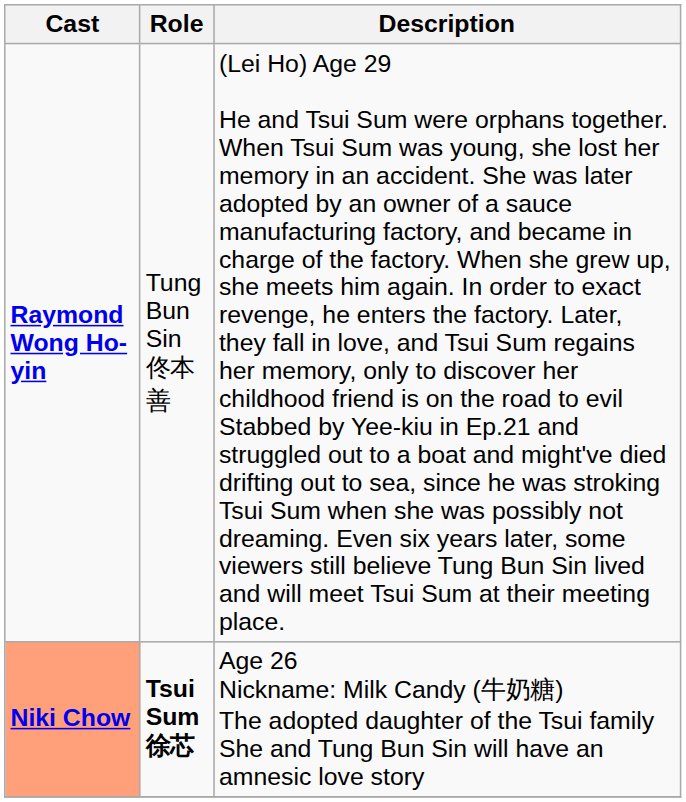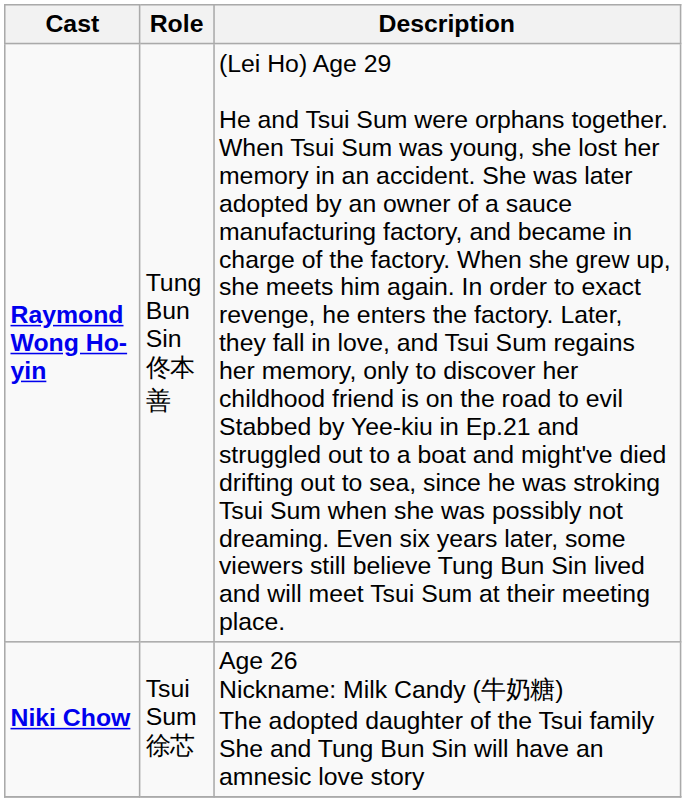 <table class="wikitable" width="70%">
 <tr>
 <th>Cast</th>
 <th>Role</th>
 <th>Description</th>
 </tr>
 <tr>
 <td><strong><a href='#'>Raymond Wong Ho-yin</a></strong></td>
 <td>Tung Bun Sin <br> 佟本善</td>
 <td>(Lei Ho) Age 29<br> <br> He and Tsui Sum were orphans together. When Tsui Sum was young, she lost her memory in an accident. She was later adopted by an owner of a sauce manufacturing factory, and became in charge of the factory. When she grew up, she meets him again. In order to exact revenge, he enters the factory. Later, they fall in love, and Tsui Sum regains her memory, only to discover her childhood friend is on the road to evil<br>Stabbed by Yee-kiu in Ep.21 and struggled out to a boat and might've died drifting out to sea, since he was stroking Tsui Sum when she was possibly not dreaming. Even six years later, some viewers still believe Tung Bun Sin lived and will meet Tsui Sum at their meeting place.</td>
 </tr>
 <tr>
-<td style="background: lightsalmon;"><strong><a href='#'>Niki Chow</a></strong></td>
-<td><strong>Tsui Sum <br> 徐芯</strong></td>
+<td><strong><a href='#'>Niki Chow</a></strong></td>
+<td>Tsui Sum <br> 徐芯</td>
 <td>Age 26<br>Nickname: Milk Candy (牛奶糖)<br> The adopted daughter of the Tsui family<br>She and Tung Bun Sin will have an amnesic love story</td>
 </tr>
 <tr>
 </tr>
 </table>
